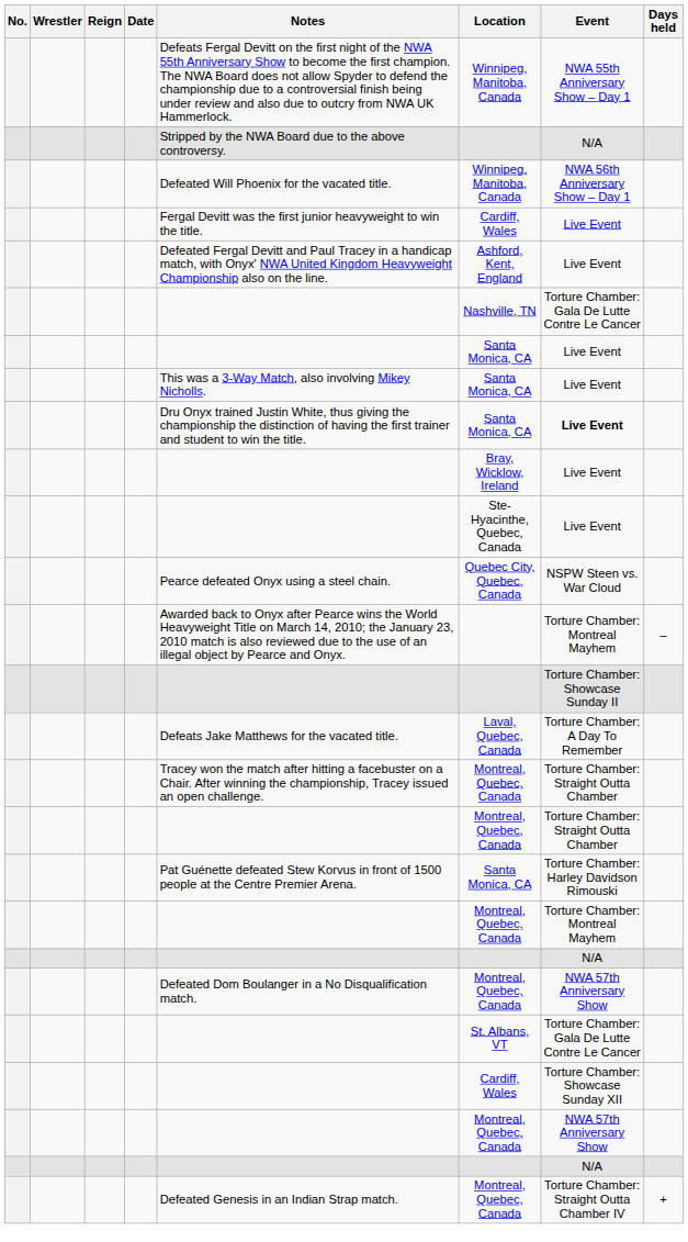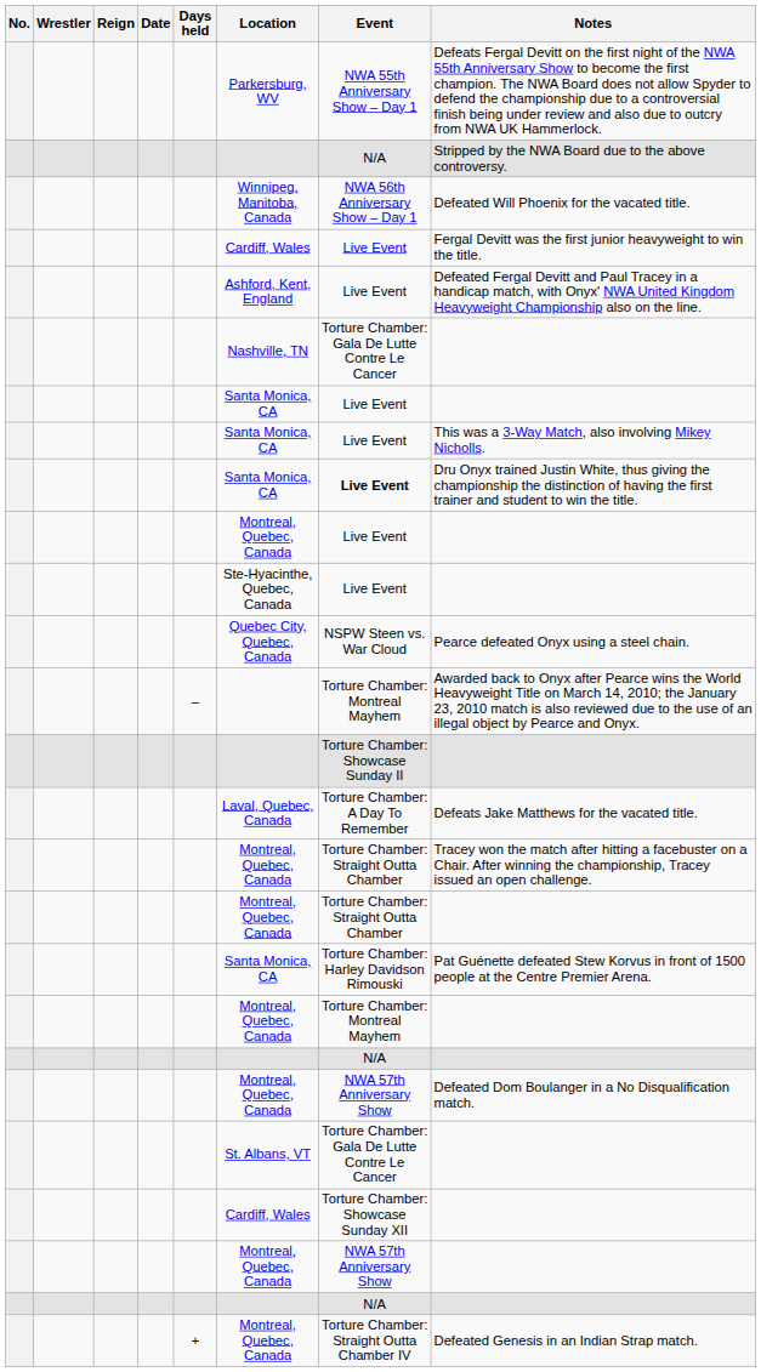 <table class="wikitable sortable" width=100% style="text-align: center">
 <tr>
 <th>No.</th>
 <th>Wrestler</th>
 <th>Reign</th>
 <th>Date</th>
-<th>Notes</th>
+<th>Days held</th>
 <th>Location</th>
 <th>Event</th>
-<th>Days held</th>
+<th>Notes</th>
 </tr>
 <tr>
 <th></th>
 <td></td>
 <td></td>
 <td></td>
+<td></td>
+<td><a href='#'>Parkersburg, WV</a></td>
+<td><a href='#'>NWA 55th Anniversary Show – Day 1</a></td>
 <td align="left">Defeats Fergal Devitt on the first night of the <a href='#'>NWA 55th Anniversary Show</a> to become the first champion. The NWA Board does not allow Spyder to defend the championship due to a controversial finish being under review and also due to outcry from NWA UK Hammerlock.</td>
-<td><a href='#'>Winnipeg, Manitoba, Canada</a></td>
-<td><a href='#'>NWA 55th Anniversary Show – Day 1</a></td>
-<td></td>
 </tr>
 <tr style="background:#e3e3e3">
 <td></td>
 <td></td>
 <td></td>
 <td></td>
-<td align="left">Stripped by the NWA Board due to the above controversy.</td>
+<td></td>
 <td></td>
 <td>N/A</td>
-<td></td>
+<td align="left">Stripped by the NWA Board due to the above controversy.</td>
 </tr>
 <tr>
 <th></th>
 <td></td>
 <td></td>
 <td></td>
-<td align="left">Defeated Will Phoenix for the vacated title.</td>
+<td></td>
 <td><a href='#'>Winnipeg, Manitoba, Canada</a></td>
 <td><a href='#'>NWA 56th Anniversary Show – Day 1</a></td>
-<td></td>
+<td align="left">Defeated Will Phoenix for the vacated title.</td>
 </tr>
 <tr>
 <th></th>
 <td></td>
 <td></td>
 <td></td>
-<td align="left">Fergal Devitt was the first junior heavyweight to win the title.</td>
+<td></td>
 <td><a href='#'>Cardiff, Wales</a></td>
 <td><a href='#'>Live Event</a></td>
-<td></td>
+<td align="left">Fergal Devitt was the first junior heavyweight to win the title.</td>
 </tr>
 <tr>
 <th></th>
 <td></td>
 <td></td>
 <td></td>
-<td align="left">Defeated Fergal Devitt and Paul Tracey in a handicap match, with Onyx' <a href='#'>NWA United Kingdom Heavyweight Championship</a> also on the line.</td>
+<td></td>
 <td><a href='#'>Ashford, Kent, England</a></td>
 <td>Live Event</td>
-<td></td>
+<td align="left">Defeated Fergal Devitt and Paul Tracey in a handicap match, with Onyx' <a href='#'>NWA United Kingdom Heavyweight Championship</a> also on the line.</td>
 </tr>
 <tr>
 <th></th>
 <td></td>
 <td></td>
 <td></td>
 <td></td>
 <td><a href='#'>Nashville, TN</a></td>
 <td>Torture Chamber: Gala De Lutte Contre Le Cancer</td>
 <td></td>
 </tr>
 <tr>
 <th></th>
 <td></td>
 <td></td>
 <td></td>
 <td></td>
 <td><a href='#'>Santa Monica, CA</a></td>
 <td>Live Event</td>
 <td></td>
 </tr>
 <tr>
 <th></th>
 <td></td>
 <td></td>
 <td></td>
-<td align="left">This was a <a href='#'>3-Way Match</a>, also involving <a href='#'>Mikey Nicholls</a>.</td>
+<td></td>
 <td><a href='#'>Santa Monica, CA</a></td>
 <td>Live Event</td>
-<td></td>
-</tr>
-<tr>
-<th></th>
-<td></td>
-<td></td>
-<td></td>
-<td align="left">Dru Onyx trained Justin White, thus giving the championship the distinction of having the first trainer and student to win the title.</td>
-<td><a href='#'>Santa Monica, CA</a></td>
-<td><strong>Live Event</strong></td>
-<td></td>
+<td align="left">This was a <a href='#'>3-Way Match</a>, also involving <a href='#'>Mikey Nicholls</a>.</td>
 </tr>
 <tr>
 <th></th>
 <td></td>
 <td></td>
 <td></td>
 <td></td>
-<td><a href='#'>Bray, Wicklow, Ireland</a></td>
+<td><a href='#'>Santa Monica, CA</a></td>
+<td><strong>Live Event</strong></td>
+<td align="left">Dru Onyx trained Justin White, thus giving the championship the distinction of having the first trainer and student to win the title.</td>
+</tr>
+<tr>
+<th></th>
+<td></td>
+<td></td>
+<td></td>
+<td></td>
+<td><a href='#'>Montreal, Quebec, Canada</a></td>
 <td>Live Event</td>
 <td></td>
 </tr>
 <tr>
 <th></th>
 <td></td>
 <td></td>
 <td></td>
 <td></td>
 <td>Ste-Hyacinthe, Quebec, Canada</td>
 <td>Live Event</td>
 <td></td>
 </tr>
 <tr>
 <th></th>
 <td></td>
 <td></td>
 <td></td>
-<td align="left">Pearce defeated Onyx using a steel chain.</td>
+<td></td>
 <td><a href='#'>Quebec City, Quebec, Canada</a></td>
 <td>NSPW Steen vs. War Cloud</td>
-<td></td>
+<td align="left">Pearce defeated Onyx using a steel chain.</td>
 </tr>
 <tr>
 <th></th>
 <td></td>
 <td></td>
 <td></td>
-<td align="left">Awarded back to Onyx after Pearce wins the World Heavyweight Title on March 14, 2010; the January 23, 2010 match is also reviewed due to the use of an illegal object by Pearce and Onyx.</td>
+<td> – </td>
 <td></td>
 <td>Torture Chamber: Montreal Mayhem</td>
-<td> – </td>
+<td align="left">Awarded back to Onyx after Pearce wins the World Heavyweight Title on March 14, 2010; the January 23, 2010 match is also reviewed due to the use of an illegal object by Pearce and Onyx.</td>
 </tr>
 <tr style="background:#e3e3e3">
 <td></td>
 <td></td>
 <td></td>
 <td></td>
 <td></td>
 <td></td>
 <td>Torture Chamber: Showcase Sunday II</td>
 <td></td>
 </tr>
 <tr>
 <th></th>
 <td></td>
 <td></td>
 <td></td>
-<td align="left">Defeats Jake Matthews for the vacated title.</td>
+<td></td>
 <td><a href='#'>Laval, Quebec, Canada</a></td>
 <td>Torture Chamber: A Day To Remember</td>
-<td></td>
+<td align="left">Defeats Jake Matthews for the vacated title.</td>
 </tr>
 <tr>
 <th></th>
 <td></td>
 <td></td>
 <td></td>
-<td align="left">Tracey won the match after hitting a facebuster on a Chair. After winning the championship, Tracey issued an open challenge.</td>
+<td></td>
 <td><a href='#'>Montreal, Quebec, Canada</a></td>
 <td>Torture Chamber: Straight Outta Chamber</td>
-<td></td>
+<td align="left">Tracey won the match after hitting a facebuster on a Chair. After winning the championship, Tracey issued an open challenge.</td>
 </tr>
 <tr>
 <th></th>
 <td></td>
 <td></td>
 <td></td>
 <td></td>
 <td><a href='#'>Montreal, Quebec, Canada</a></td>
 <td>Torture Chamber: Straight Outta Chamber</td>
 <td></td>
 </tr>
 <tr>
 <th></th>
 <td></td>
 <td></td>
 <td></td>
-<td align="left">Pat Guénette defeated Stew Korvus in front of 1500 people at the Centre Premier Arena.</td>
+<td></td>
 <td><a href='#'>Santa Monica, CA</a></td>
 <td>Torture Chamber: Harley Davidson Rimouski</td>
-<td></td>
+<td align="left">Pat Guénette defeated Stew Korvus in front of 1500 people at the Centre Premier Arena.</td>
 </tr>
 <tr>
 <th></th>
 <td></td>
 <td></td>
 <td></td>
-<td align="left"></td>
+<td></td>
 <td><a href='#'>Montreal, Quebec, Canada</a></td>
 <td>Torture Chamber: Montreal Mayhem</td>
-<td></td>
+<td align="left"></td>
 </tr>
 <tr style="background:#e3e3e3">
 <td></td>
 <td></td>
 <td></td>
 <td></td>
 <td></td>
 <td></td>
 <td>N/A</td>
 <td></td>
 </tr>
 <tr>
 <th></th>
 <td></td>
 <td></td>
 <td></td>
-<td align="left">Defeated Dom Boulanger in a No Disqualification match.</td>
+<td></td>
 <td><a href='#'>Montreal, Quebec, Canada</a></td>
 <td><a href='#'>NWA 57th Anniversary Show</a></td>
-<td></td>
+<td align="left">Defeated Dom Boulanger in a No Disqualification match.</td>
 </tr>
 <tr>
 <th></th>
 <td></td>
 <td></td>
 <td></td>
-<td align="left"></td>
+<td></td>
 <td><a href='#'>St. Albans, VT</a></td>
 <td>Torture Chamber: Gala De Lutte Contre Le Cancer</td>
-<td></td>
+<td align="left"></td>
 </tr>
 <tr>
 <th></th>
 <td></td>
 <td></td>
 <td></td>
 <td></td>
 <td><a href='#'>Cardiff, Wales</a></td>
 <td>Torture Chamber: Showcase Sunday XII</td>
 <td></td>
 </tr>
 <tr>
 <th></th>
 <td></td>
 <td></td>
 <td></td>
 <td></td>
 <td><a href='#'>Montreal, Quebec, Canada</a></td>
 <td><a href='#'>NWA 57th Anniversary Show</a></td>
 <td></td>
 </tr>
 <tr style="background:#e3e3e3">
 <td></td>
 <td></td>
 <td></td>
 <td></td>
 <td></td>
 <td></td>
 <td>N/A</td>
 <td></td>
 </tr>
 <tr>
 <th></th>
 <td></td>
 <td></td>
 <td></td>
-<td align="left">Defeated Genesis in an Indian Strap match.</td>
+<td>+</td>
 <td><a href='#'>Montreal, Quebec, Canada</a></td>
 <td>Torture Chamber: Straight Outta Chamber IV</td>
-<td>+</td>
+<td align="left">Defeated Genesis in an Indian Strap match.</td>
 </tr>
 </table>
